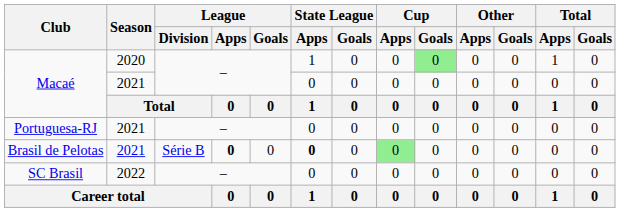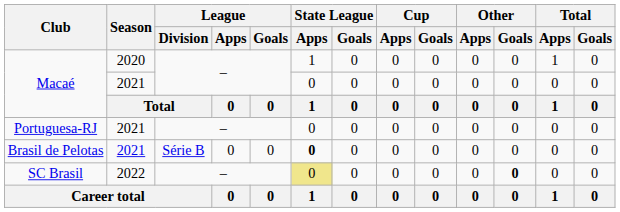 <table class="wikitable" style="text-align: center">
 <tr>
 <th rowspan="2">Club</th>
 <th rowspan="2">Season</th>
 <th colspan="3">League</th>
 <th colspan="2">State League</th>
 <th colspan="2">Cup</th>
 <th colspan="2">Other</th>
 <th colspan="2">Total</th>
 </tr>
 <tr>
 <th>Division</th>
 <th>Apps</th>
 <th>Goals</th>
 <th>Apps</th>
 <th>Goals</th>
 <th>Apps</th>
 <th>Goals</th>
 <th>Apps</th>
 <th>Goals</th>
 <th>Apps</th>
 <th>Goals</th>
 </tr>
 <tr>
 <td rowspan="3"><a href='#'>Macaé</a></td>
 <td>2020</td>
 <td colspan="3" rowspan="2">–</td>
 <td>1</td>
 <td>0</td>
 <td>0</td>
-<td style="background: lightgreen;">0</td>
+<td>0</td>
 <td>0</td>
 <td>0</td>
 <td>1</td>
 <td>0</td>
 </tr>
 <tr>
 <td>2021</td>
 <td>0</td>
 <td>0</td>
 <td>0</td>
 <td>0</td>
 <td>0</td>
 <td>0</td>
 <td>0</td>
 <td>0</td>
 </tr>
 <tr>
 <th colspan="2"><strong>Total</strong></th>
 <th>0</th>
 <th>0</th>
 <th>1</th>
 <th>0</th>
 <th>0</th>
 <th>0</th>
 <th>0</th>
 <th>0</th>
 <th>1</th>
 <th>0</th>
 </tr>
 <tr>
 <td><a href='#'>Portuguesa-RJ</a></td>
 <td>2021</td>
 <td colspan="3">–</td>
 <td>0</td>
 <td>0</td>
 <td>0</td>
 <td>0</td>
 <td>0</td>
 <td>0</td>
 <td>0</td>
 <td>0</td>
 </tr>
 <tr>
 <td><a href='#'>Brasil de Pelotas</a></td>
 <td><a href='#'>2021</a></td>
 <td><a href='#'>Série B</a></td>
-<td><strong>0</strong></td>
+<td>0</td>
 <td>0</td>
 <td><strong>0</strong></td>
 <td>0</td>
-<td style="background: lightgreen;">0</td>
+<td>0</td>
 <td>0</td>
 <td>0</td>
 <td>0</td>
 <td>0</td>
 <td>0</td>
 </tr>
 <tr>
 <td><a href='#'>SC Brasil</a></td>
 <td>2022</td>
 <td colspan="3">–</td>
+<td style="background: khaki;">0</td>
 <td>0</td>
 <td>0</td>
 <td>0</td>
 <td>0</td>
-<td>0</td>
-<td>0</td>
+<td><strong>0</strong></td>
 <td>0</td>
 <td>0</td>
 </tr>
 <tr>
 <th colspan="3"><strong>Career total</strong></th>
 <th>0</th>
 <th>0</th>
 <th>1</th>
 <th>0</th>
 <th>0</th>
 <th>0</th>
 <th>0</th>
 <th>0</th>
 <th>1</th>
 <th>0</th>
 </tr>
 </table>
